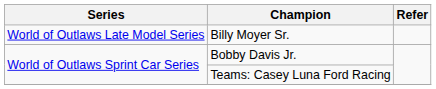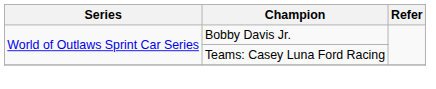 <table class="wikitable" style="font-size:87%;">
 <tr>
 <th>Series</th>
 <th>Champion</th>
 <th>Refer</th>
-</tr>
-<tr>
-<td><a href='#'>World of Outlaws Late Model Series</a></td>
-<td> Billy Moyer Sr.</td>
-<td></td>
 </tr>
 <tr>
 <td rowspan=2><a href='#'>World of Outlaws Sprint Car Series</a></td>
 <td> Bobby Davis Jr.</td>
 <td rowspan=2></td>
 </tr>
 <tr>
 <td>Teams:  Casey Luna Ford Racing</td>
 </tr>
 <tr>
 </tr>
 </table>
